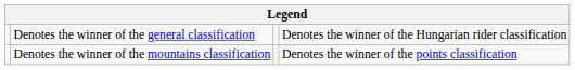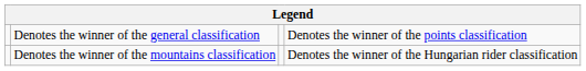 <table class="wikitable">
 <tr>
 <th colspan="4">Legend</th>
 </tr>
 <tr>
 <td></td>
 <td>Denotes the winner of the <a href='#'>general classification</a></td>
 <td></td>
-<td>Denotes the winner of the Hungarian rider classification</td>
+<td>Denotes the winner of the <a href='#'>points classification</a></td>
 </tr>
 <tr>
 <td></td>
 <td>Denotes the winner of the <a href='#'>mountains classification</a></td>
 <td></td>
-<td>Denotes the winner of the <a href='#'>points classification</a></td>
+<td>Denotes the winner of the Hungarian rider classification</td>
 </tr>
 </table>
